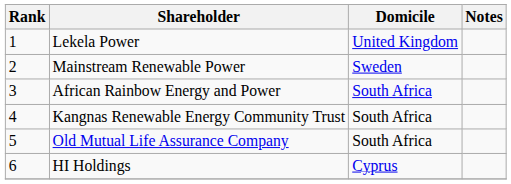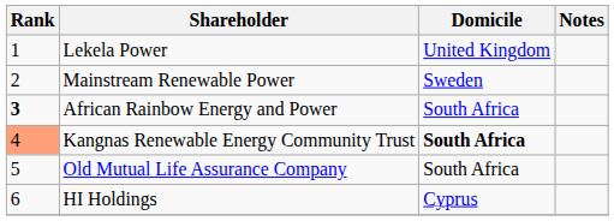 <table class="wikitable sortable" style="margin: 0.5em auto">
 <tr>
 <th>Rank</th>
 <th>Shareholder</th>
 <th>Domicile</th>
 <th>Notes</th>
 </tr>
 <tr>
 <td>1</td>
 <td>Lekela Power</td>
 <td><a href='#'>United Kingdom</a></td>
 <td></td>
 </tr>
 <tr>
 <td>2</td>
 <td>Mainstream Renewable Power</td>
 <td><a href='#'>Sweden</a></td>
 <td></td>
 </tr>
 <tr>
-<td>3</td>
+<td><strong>3</strong></td>
 <td>African Rainbow Energy and Power</td>
 <td><a href='#'>South Africa</a></td>
 <td></td>
 </tr>
 <tr>
-<td>4</td>
+<td style="background: lightsalmon;">4</td>
 <td>Kangnas Renewable Energy Community Trust</td>
-<td>South Africa</td>
+<td><strong>South Africa</strong></td>
 <td></td>
 </tr>
 <tr>
 <td>5</td>
 <td><a href='#'>Old Mutual Life Assurance Company</a></td>
 <td>South Africa</td>
 <td></td>
 </tr>
 <tr>
 <td>6</td>
 <td>HI Holdings</td>
 <td><a href='#'>Cyprus</a></td>
 <td></td>
 </tr>
 <tr>
 </tr>
 </table>
